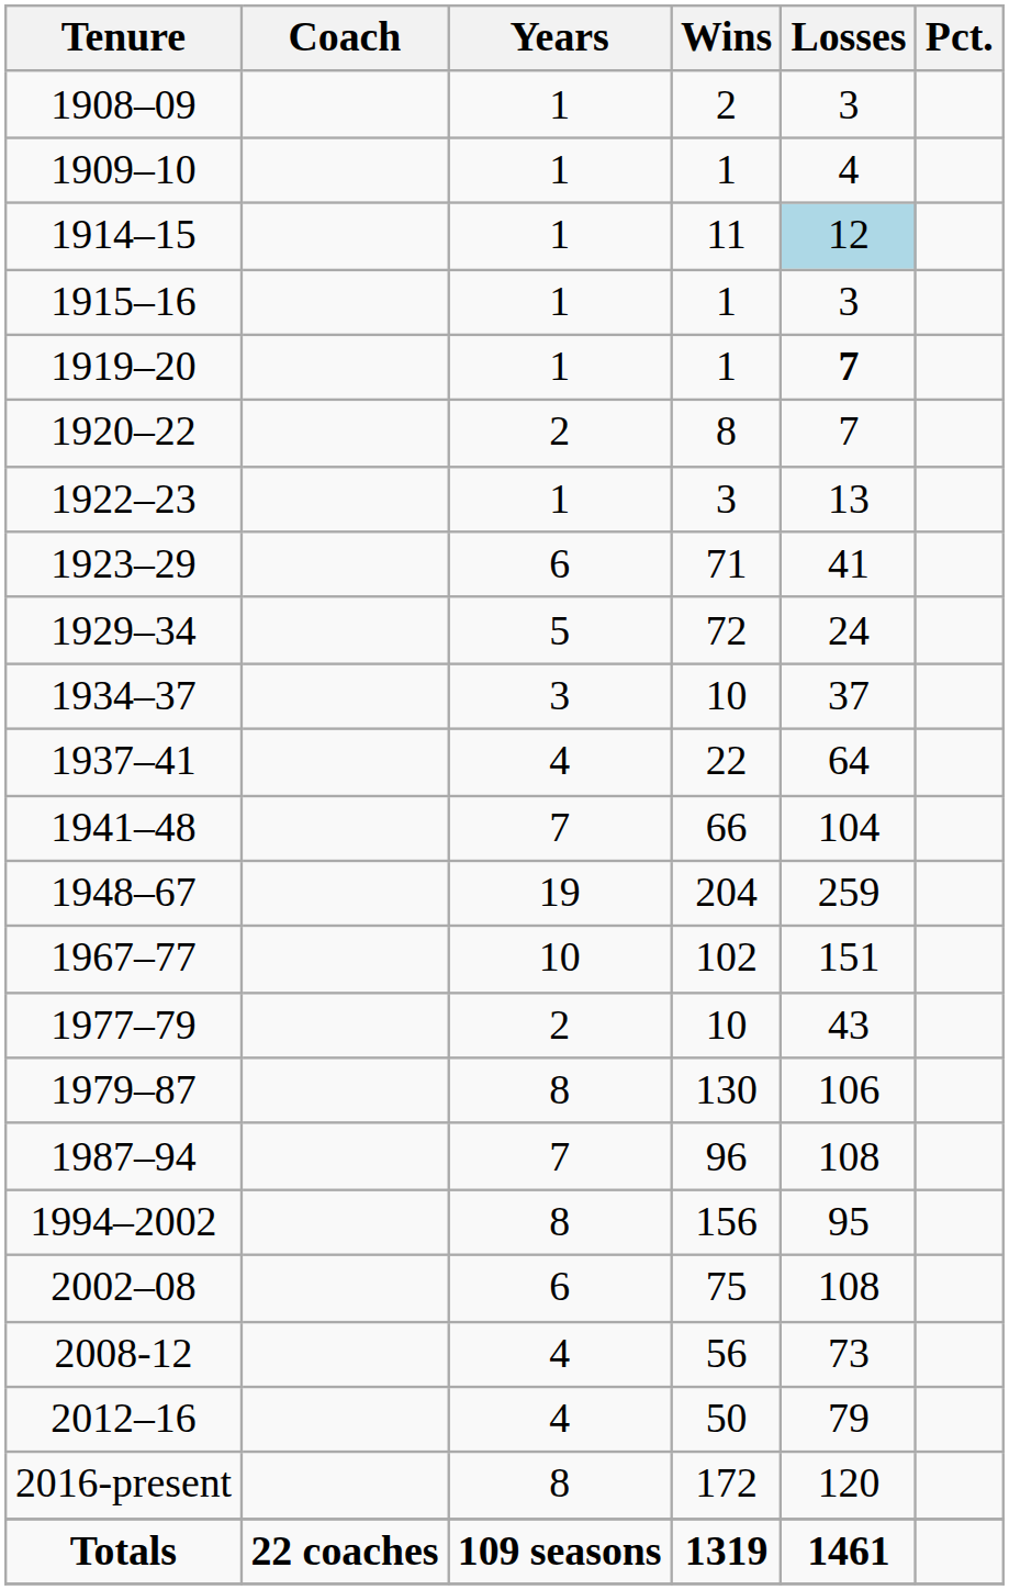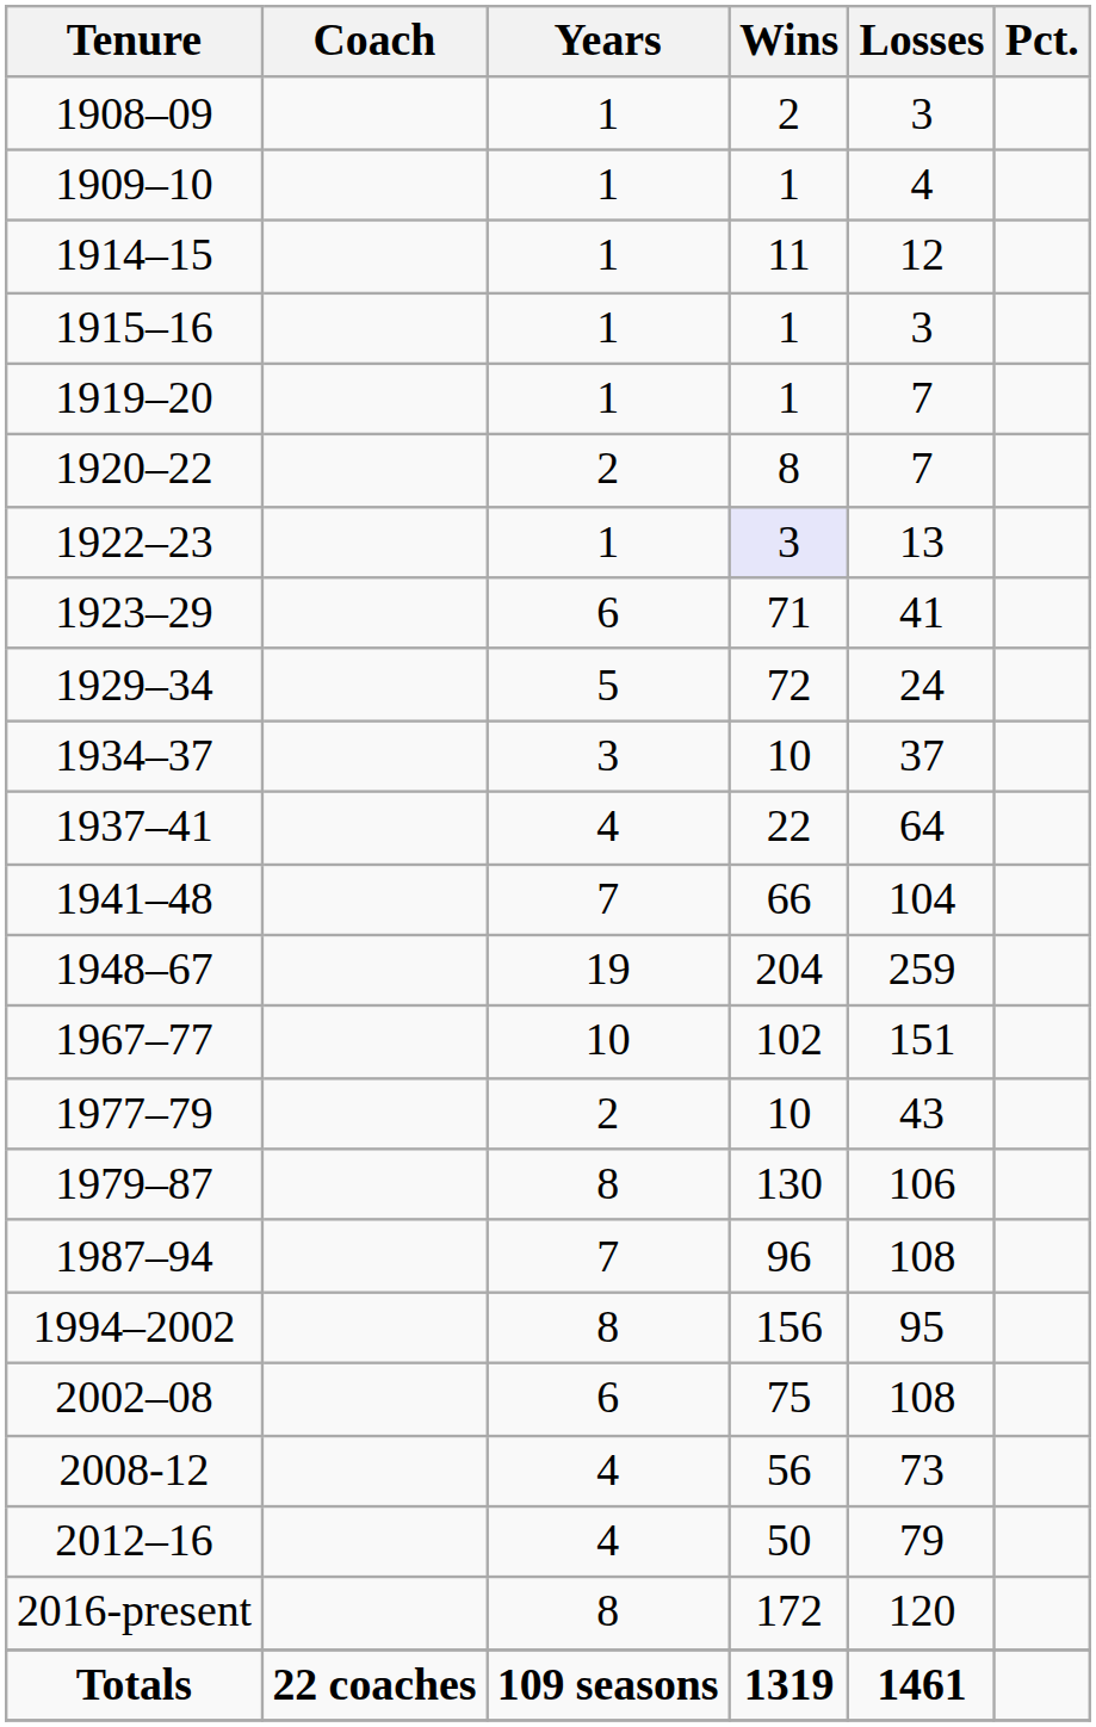 <table class="wikitable sortable" style="text-align:center">
 <tr>
 <th>Tenure</th>
 <th>Coach</th>
 <th>Years</th>
 <th>Wins</th>
 <th>Losses</th>
 <th>Pct.</th>
 </tr>
 <tr>
 <td>1908–09</td>
 <td></td>
 <td>1</td>
 <td>2</td>
 <td>3</td>
 <td></td>
 </tr>
 <tr>
 <td>1909–10</td>
 <td></td>
 <td>1</td>
 <td>1</td>
 <td>4</td>
 <td></td>
 </tr>
 <tr>
 <td>1914–15</td>
 <td></td>
 <td>1</td>
 <td>11</td>
-<td style="background: lightblue;">12</td>
+<td>12</td>
 <td></td>
 </tr>
 <tr>
 <td>1915–16</td>
 <td></td>
 <td>1</td>
 <td>1</td>
 <td>3</td>
 <td></td>
 </tr>
 <tr>
 <td>1919–20</td>
 <td></td>
 <td>1</td>
 <td>1</td>
-<td><strong>7</strong></td>
+<td>7</td>
 <td></td>
 </tr>
 <tr>
 <td>1920–22</td>
 <td></td>
 <td>2</td>
 <td>8</td>
 <td>7</td>
 <td></td>
 </tr>
 <tr>
 <td>1922–23</td>
 <td></td>
 <td>1</td>
-<td>3</td>
+<td style="background: lavender;">3</td>
 <td>13</td>
 <td></td>
 </tr>
 <tr>
 <td>1923–29</td>
 <td></td>
 <td>6</td>
 <td>71</td>
 <td>41</td>
 <td></td>
 </tr>
 <tr>
 <td>1929–34</td>
 <td></td>
 <td>5</td>
 <td>72</td>
 <td>24</td>
 <td></td>
 </tr>
 <tr>
 <td>1934–37</td>
 <td></td>
 <td>3</td>
 <td>10</td>
 <td>37</td>
 <td></td>
 </tr>
 <tr>
 <td>1937–41</td>
 <td></td>
 <td>4</td>
 <td>22</td>
 <td>64</td>
 <td></td>
 </tr>
 <tr>
 <td>1941–48</td>
 <td></td>
 <td>7</td>
 <td>66</td>
 <td>104</td>
 <td></td>
 </tr>
 <tr>
 <td>1948–67</td>
 <td></td>
 <td>19</td>
 <td>204</td>
 <td>259</td>
 <td></td>
 </tr>
 <tr>
 <td>1967–77</td>
 <td></td>
 <td>10</td>
 <td>102</td>
 <td>151</td>
 <td></td>
 </tr>
 <tr>
 <td>1977–79</td>
 <td></td>
 <td>2</td>
 <td>10</td>
 <td>43</td>
 <td></td>
 </tr>
 <tr>
 <td>1979–87</td>
 <td></td>
 <td>8</td>
 <td>130</td>
 <td>106</td>
 <td></td>
 </tr>
 <tr>
 <td>1987–94</td>
 <td></td>
 <td>7</td>
 <td>96</td>
 <td>108</td>
 <td></td>
 </tr>
 <tr>
 <td>1994–2002</td>
 <td></td>
 <td>8</td>
 <td>156</td>
 <td>95</td>
 <td></td>
 </tr>
 <tr>
 <td>2002–08</td>
 <td></td>
 <td>6</td>
 <td>75</td>
 <td>108</td>
 <td></td>
 </tr>
 <tr>
 <td>2008-12</td>
 <td></td>
 <td>4</td>
 <td>56</td>
 <td>73</td>
 <td></td>
 </tr>
 <tr>
 <td>2012–16</td>
 <td></td>
 <td>4</td>
 <td>50</td>
 <td>79</td>
 <td></td>
 </tr>
 <tr>
 <td>2016-present</td>
 <td></td>
 <td>8</td>
 <td>172</td>
 <td>120</td>
 <td></td>
 </tr>
 <tr>
 </tr>
 <tr class="sortbottom" style="font-weight:bold; ">
 <td>Totals</td>
 <td>22 coaches</td>
 <td>109 seasons</td>
 <td>1319</td>
 <td>1461</td>
 <td></td>
 </tr>
 <tr>
 </tr>
 </table>
